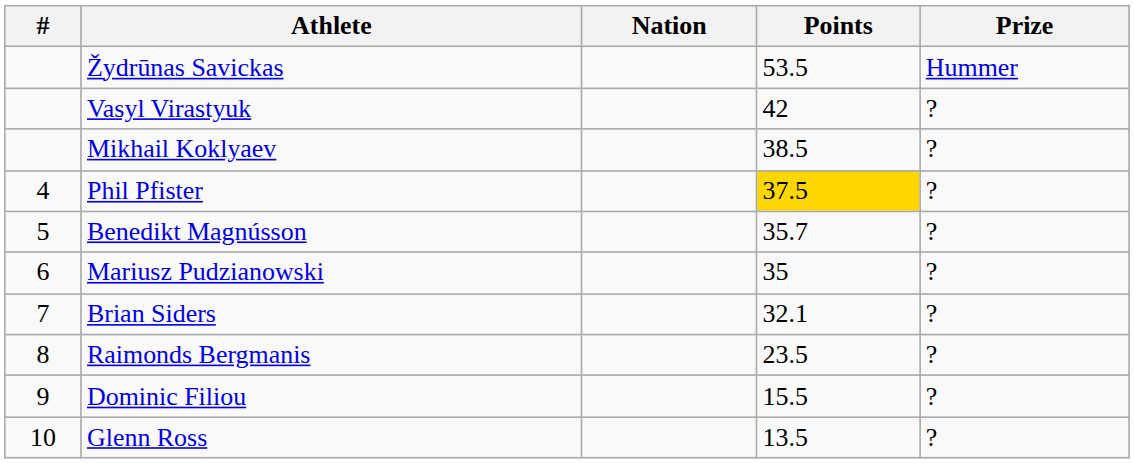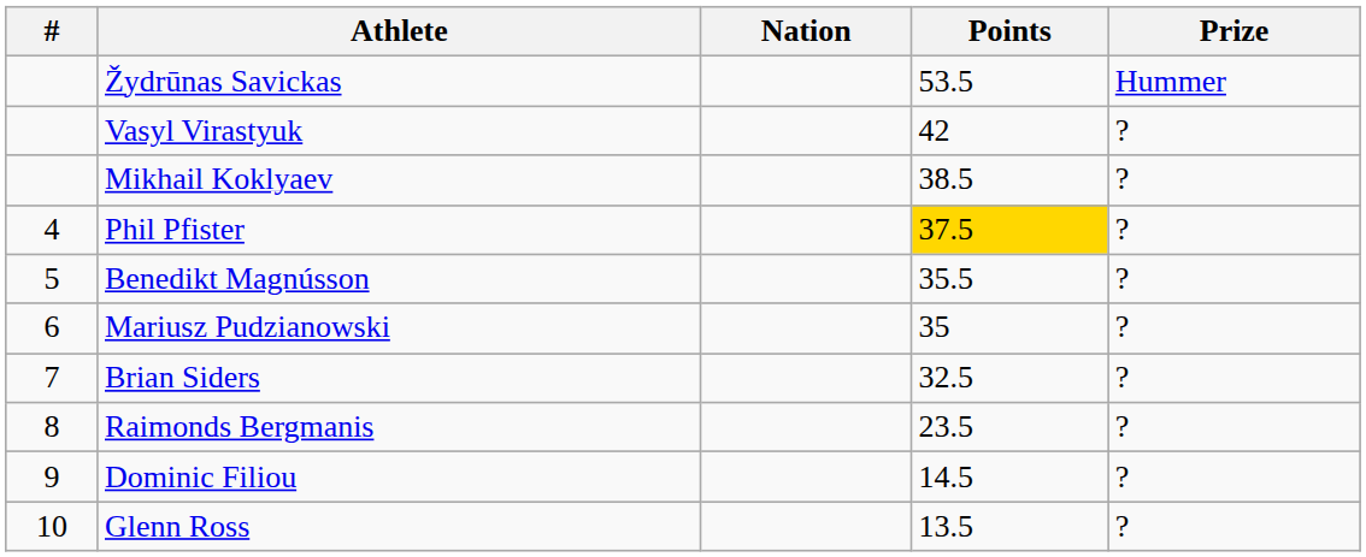 <table class="wikitable" style="display: inline-table;width: 55%;">
 <tr>
 <th scope="col">#</th>
 <th scope="col">Athlete</th>
 <th scope="col">Nation</th>
 <th scope="col">Points</th>
 <th scope="col">Prize</th>
 </tr>
 <tr>
 <td align="center"></td>
 <td><a href='#'>Žydrūnas Savickas</a></td>
 <td></td>
 <td>53.5</td>
 <td><a href='#'>Hummer</a></td>
 </tr>
 <tr>
 <td align="center"></td>
 <td><a href='#'>Vasyl Virastyuk</a></td>
 <td></td>
 <td>42</td>
 <td>?</td>
 </tr>
 <tr>
 <td align="center"></td>
 <td><a href='#'>Mikhail Koklyaev</a></td>
 <td></td>
 <td>38.5</td>
 <td>?</td>
 </tr>
 <tr>
 <td align="center">4</td>
 <td><a href='#'>Phil Pfister</a></td>
 <td></td>
 <td style="background: gold;">37.5</td>
 <td>?</td>
 </tr>
 <tr>
 <td align="center">5</td>
 <td><a href='#'>Benedikt Magnússon</a></td>
 <td></td>
-<td>35.7</td>
+<td>35.5</td>
 <td>?</td>
 </tr>
 <tr>
 <td align="center">6</td>
 <td><a href='#'>Mariusz Pudzianowski</a></td>
 <td></td>
 <td>35</td>
 <td>?</td>
 </tr>
 <tr>
 <td align="center">7</td>
 <td><a href='#'>Brian Siders</a></td>
 <td></td>
-<td>32.1</td>
+<td>32.5</td>
 <td>?</td>
 </tr>
 <tr>
 <td align="center">8</td>
 <td><a href='#'>Raimonds Bergmanis</a></td>
 <td></td>
 <td>23.5</td>
 <td>?</td>
 </tr>
 <tr>
 <td align="center">9</td>
 <td><a href='#'>Dominic Filiou</a></td>
 <td></td>
-<td>15.5</td>
+<td>14.5</td>
 <td>?</td>
 </tr>
 <tr>
 <td align="center">10</td>
 <td><a href='#'>Glenn Ross</a></td>
 <td></td>
 <td>13.5</td>
 <td>?</td>
 </tr>
 </table>
